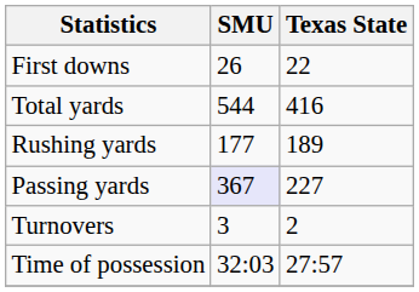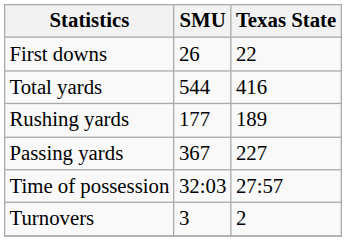 <table class="wikitable">
 <tr>
 <th>Statistics</th>
 <th>SMU</th>
 <th>Texas State</th>
 </tr>
 <tr>
 <td>First downs</td>
 <td>26</td>
 <td>22</td>
 </tr>
 <tr>
 <td>Total yards</td>
 <td>544</td>
 <td>416</td>
 </tr>
 <tr>
 <td>Rushing yards</td>
 <td>177</td>
 <td>189</td>
 </tr>
 <tr>
 <td>Passing yards</td>
-<td style="background: lavender;">367</td>
+<td>367</td>
 <td>227</td>
+</tr>
+<tr>
+<td>Time of possession</td>
+<td>32:03</td>
+<td>27:57</td>
 </tr>
 <tr>
 <td>Turnovers</td>
 <td>3</td>
 <td>2</td>
 </tr>
 <tr>
-<td>Time of possession</td>
-<td>32:03</td>
-<td>27:57</td>
-</tr>
-<tr>
 </tr>
 </table>
